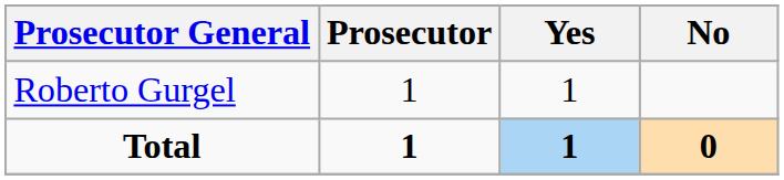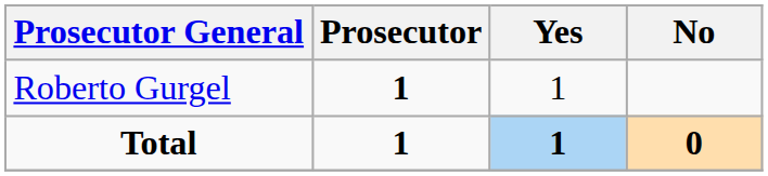 <table class="wikitable">
 <tr>
 <th><a href='#'>Prosecutor General</a></th>
 <th width="55pt">Prosecutor</th>
 <th width="55pt">Yes</th>
 <th width="55pt">No</th>
 </tr>
 <tr>
 <td align="left"><a href='#'>Roberto Gurgel</a></td>
-<td align="center">1</td>
+<td align="center"><strong>1</strong></td>
 <td align="center">1</td>
 <td align="center"></td>
 </tr>
 <tr>
 <td align="center"><strong>Total</strong></td>
 <td align="center"><strong>1</strong></td>
 <td align="center" bgcolor="#abd5f5"><strong>1</strong></td>
 <td align="center" bgcolor="#FFDEAD"><strong>0</strong></td>
 </tr>
 <tr>
 </tr>
 </table>
